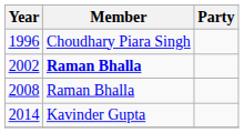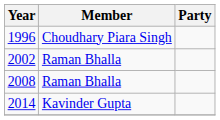 <table class="wikitable sortable">
 <tr>
 <th>Year</th>
 <th>Member</th>
 <th colspan=2>Party</th>
 </tr>
 <tr>
 <td><a href='#'>1996</a></td>
 <td><a href='#'>Choudhary Piara Singh</a></td>
 <td></td>
 </tr>
 <tr>
 <td><a href='#'>2002</a></td>
-<td><strong><a href='#'>Raman Bhalla</a></strong></td>
+<td><a href='#'>Raman Bhalla</a></td>
 <td></td>
 </tr>
 <tr>
 <td><a href='#'>2008</a></td>
 <td><a href='#'>Raman Bhalla</a></td>
 <td></td>
 </tr>
 <tr>
 <td><a href='#'>2014</a></td>
 <td><a href='#'>Kavinder Gupta</a></td>
 <td></td>
 </tr>
 <tr>
 </tr>
 </table>
